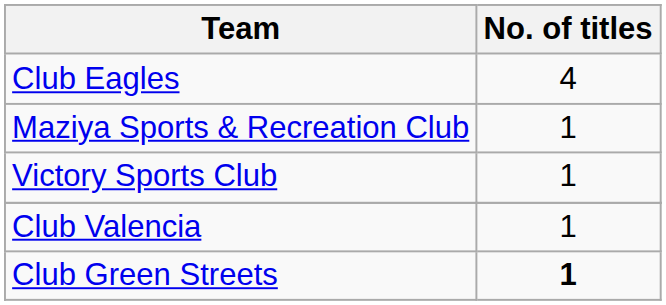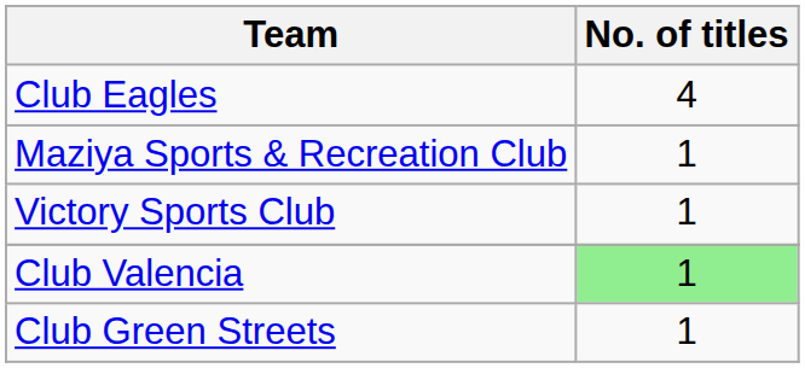 <table class="wikitable sortable" style="text-align:center">
 <tr>
 <th>Team</th>
 <th>No. of titles</th>
 </tr>
 <tr>
 <td align=left><a href='#'>Club Eagles</a></td>
 <td>4</td>
 </tr>
 <tr>
 <td align=left><a href='#'>Maziya Sports & Recreation Club</a></td>
 <td>1</td>
 </tr>
 <tr>
 <td align=left><a href='#'>Victory Sports Club</a></td>
 <td>1</td>
 </tr>
 <tr>
 </tr>
 <tr>
 <td align=left><a href='#'>Club Valencia</a></td>
-<td>1</td>
+<td style="background: lightgreen;">1</td>
 </tr>
 <tr>
 <td align=left><a href='#'>Club Green Streets</a></td>
-<td><strong>1</strong></td>
+<td>1</td>
 </tr>
 </table>
